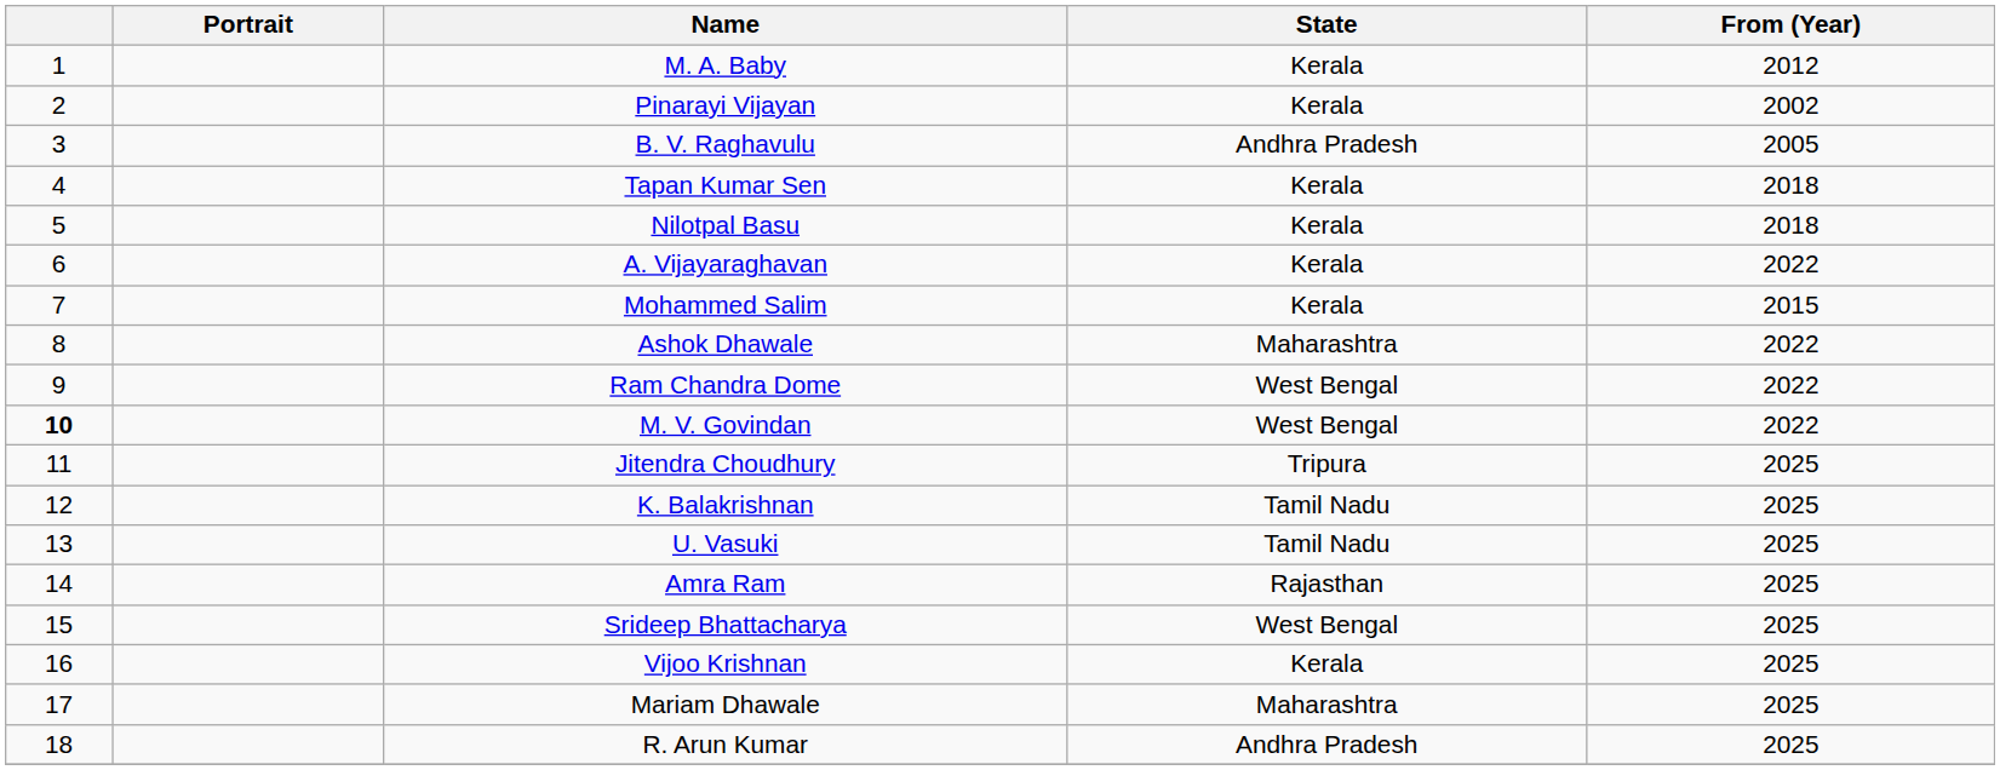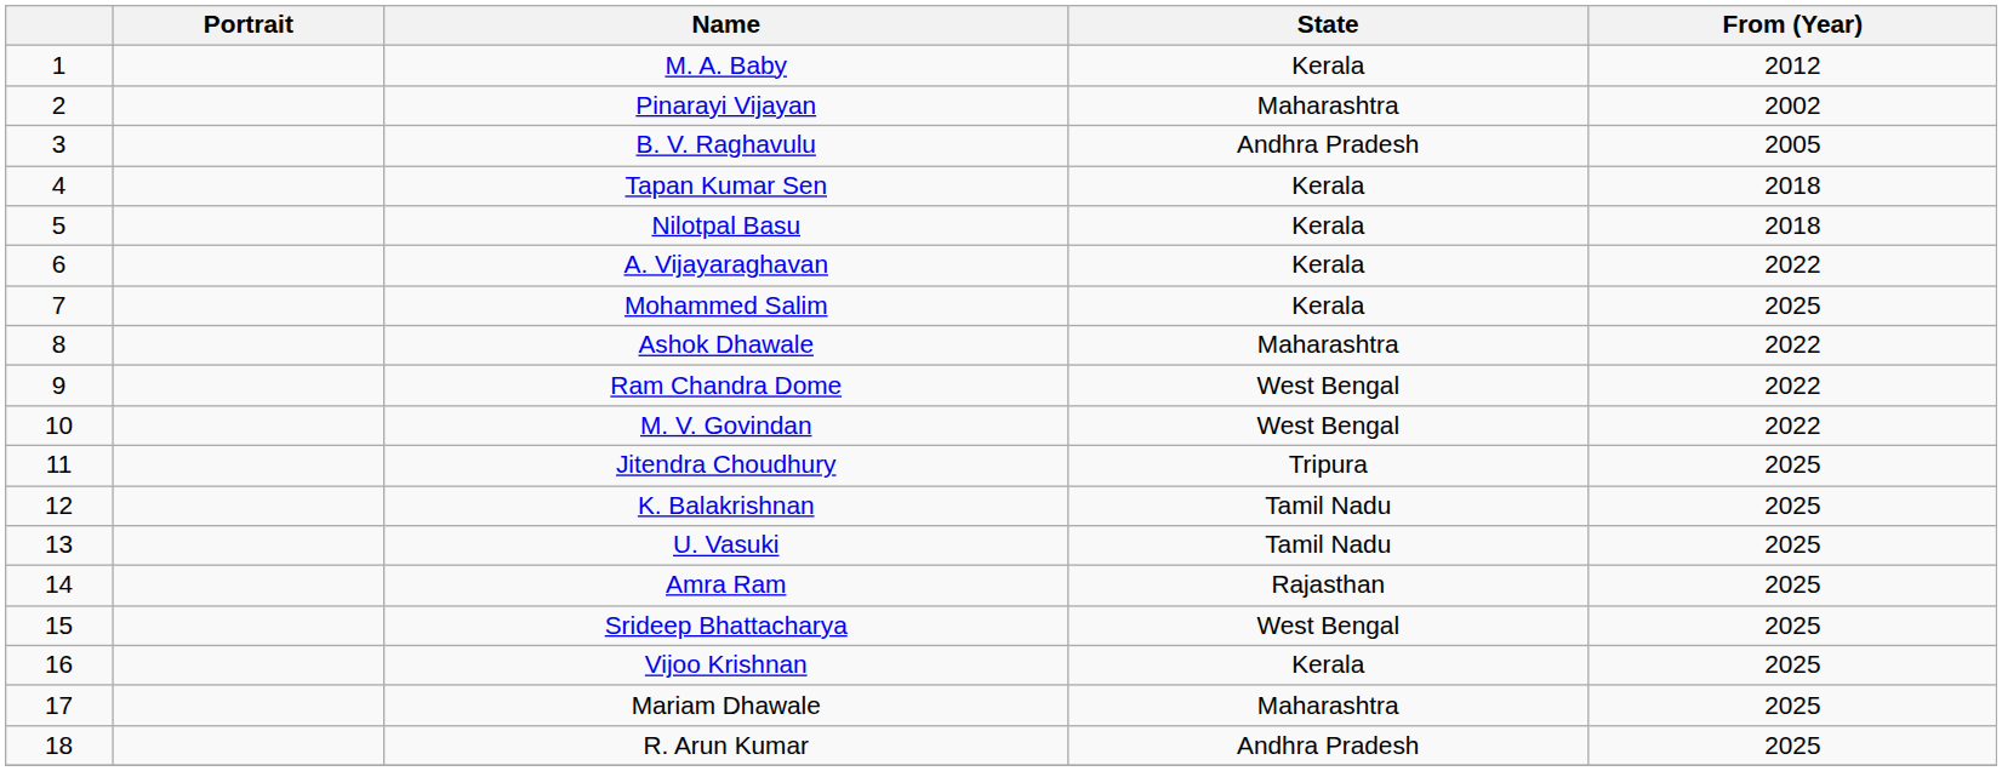 <table class="wikitable sortable" style="text-align:center" width="100%">
 <tr>
 <th Style="background-color:"></th>
 <th Style="background-color:">Portrait</th>
 <th Style="background-color:">Name</th>
 <th Style="background-color:">State</th>
 <th Style="background-color:">From (Year)</th>
 </tr>
 <tr>
 <td>1</td>
 <td></td>
 <td><a href='#'>M. A. Baby</a><br> </td>
 <td>Kerala</td>
 <td>2012</td>
 </tr>
 <tr>
 <td>2</td>
 <td></td>
 <td><a href='#'>Pinarayi Vijayan</a><br> </td>
-<td>Kerala</td>
+<td>Maharashtra</td>
 <td>2002</td>
 </tr>
 <tr>
 <td>3</td>
 <td></td>
 <td><a href='#'>B. V. Raghavulu</a></td>
 <td>Andhra Pradesh</td>
 <td>2005</td>
 </tr>
 <tr>
 <td>4</td>
 <td></td>
 <td><a href='#'>Tapan Kumar Sen</a><br> </td>
 <td>Kerala</td>
 <td>2018</td>
 </tr>
 <tr>
 <td>5</td>
 <td></td>
 <td><a href='#'>Nilotpal Basu</a></td>
 <td>Kerala</td>
 <td>2018</td>
 </tr>
 <tr>
 <td>6</td>
 <td></td>
 <td><a href='#'>A. Vijayaraghavan</a><br> </td>
 <td>Kerala</td>
 <td>2022</td>
 </tr>
 <tr>
 <td>7</td>
 <td></td>
 <td><a href='#'>Mohammed Salim</a><br> </td>
 <td>Kerala</td>
-<td>2015</td>
+<td>2025</td>
 </tr>
 <tr>
 <td>8</td>
 <td></td>
 <td><a href='#'>Ashok Dhawale</a><br> </td>
 <td>Maharashtra</td>
 <td>2022</td>
 </tr>
 <tr>
 <td>9</td>
 <td></td>
 <td><a href='#'>Ram Chandra Dome</a></td>
 <td>West Bengal</td>
 <td>2022</td>
 </tr>
 <tr>
-<td><strong>10</strong></td>
+<td>10</td>
 <td></td>
 <td><a href='#'>M. V. Govindan</a><br> </td>
 <td>West Bengal</td>
 <td>2022</td>
 </tr>
 <tr>
 <td>11</td>
 <td></td>
 <td><a href='#'>Jitendra Choudhury</a><br> </td>
 <td>Tripura</td>
 <td>2025</td>
 </tr>
 <tr>
 <td>12</td>
 <td></td>
 <td><a href='#'>K. Balakrishnan</a></td>
 <td>Tamil Nadu</td>
 <td>2025</td>
 </tr>
 <tr>
 <td>13</td>
 <td></td>
 <td><a href='#'>U. Vasuki</a><br> </td>
 <td>Tamil Nadu</td>
 <td>2025</td>
 </tr>
 <tr>
 <td>14</td>
 <td></td>
 <td><a href='#'>Amra Ram</a><br> </td>
 <td>Rajasthan</td>
 <td>2025</td>
 </tr>
 <tr>
 <td>15</td>
 <td></td>
 <td><a href='#'>Srideep Bhattacharya</a></td>
 <td>West Bengal</td>
 <td>2025</td>
 </tr>
 <tr>
 <td>16</td>
 <td></td>
 <td><a href='#'>Vijoo Krishnan</a><br> </td>
 <td>Kerala</td>
 <td>2025</td>
 </tr>
 <tr>
 <td>17</td>
 <td></td>
 <td>Mariam Dhawale<br> </td>
 <td>Maharashtra</td>
 <td>2025</td>
 </tr>
 <tr>
 <td>18</td>
 <td></td>
 <td>R. Arun Kumar</td>
 <td>Andhra Pradesh</td>
 <td>2025</td>
 </tr>
 <tr>
 </tr>
 </table>
